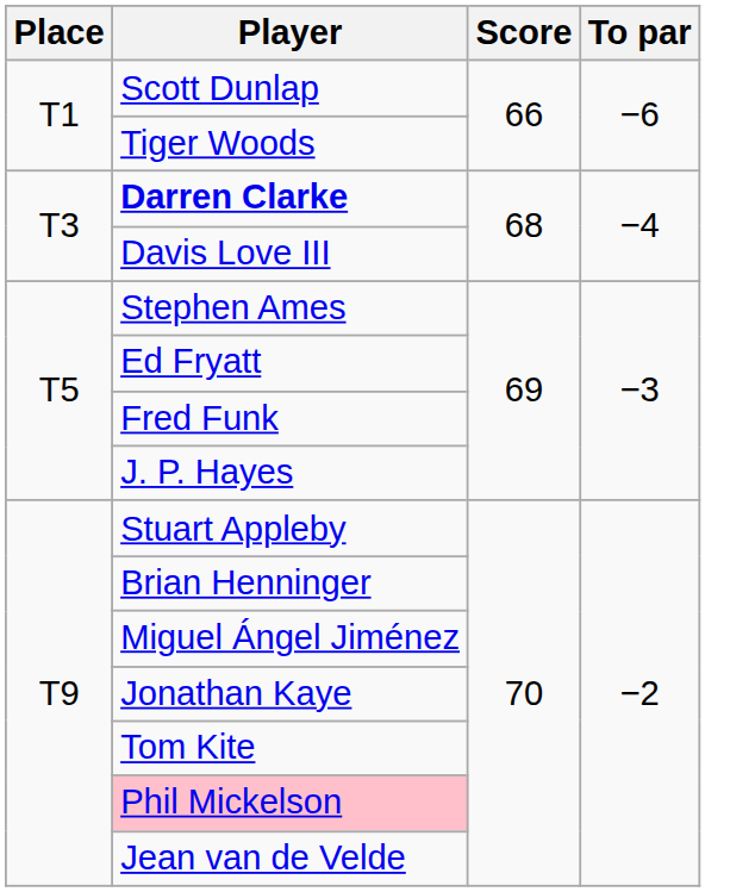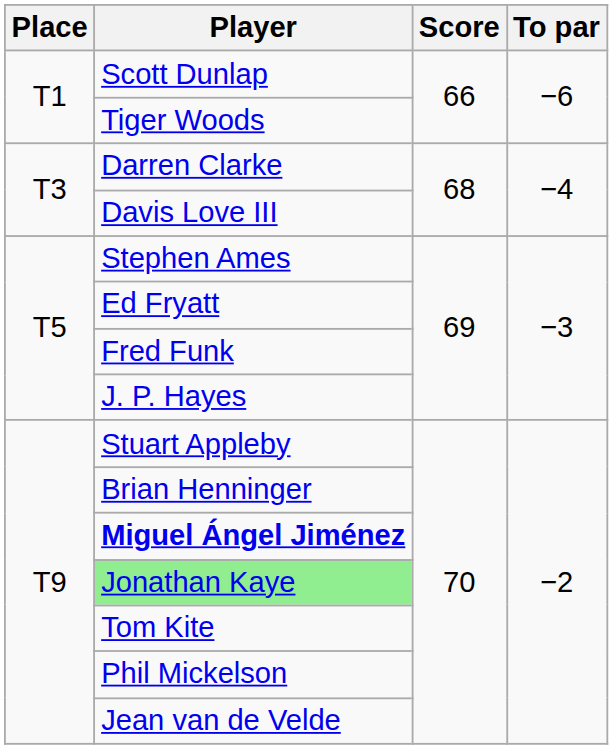 <table class="wikitable">
 <tr>
 <th>Place</th>
 <th>Player</th>
 <th>Score</th>
 <th>To par</th>
 </tr>
 <tr>
 <td rowspan="2" align=center>T1</td>
 <td> <a href='#'>Scott Dunlap</a></td>
 <td rowspan="2" align=center>66</td>
 <td rowspan="2" align=center>−6</td>
 </tr>
 <tr>
 <td> <a href='#'>Tiger Woods</a></td>
 </tr>
 <tr>
 <td rowspan="2" align=center>T3</td>
-<td><strong> <a href='#'>Darren Clarke</a></strong></td>
+<td> <a href='#'>Darren Clarke</a></td>
 <td rowspan="2" align=center>68</td>
 <td rowspan="2" align=center>−4</td>
 </tr>
 <tr>
 <td> <a href='#'>Davis Love III</a></td>
 </tr>
 <tr>
 <td rowspan="4" align=center>T5</td>
 <td> <a href='#'>Stephen Ames</a></td>
 <td rowspan="4" align=center>69</td>
 <td rowspan="4" align=center>−3</td>
 </tr>
 <tr>
 <td> <a href='#'>Ed Fryatt</a></td>
 </tr>
 <tr>
 <td> <a href='#'>Fred Funk</a></td>
 </tr>
 <tr>
 <td> <a href='#'>J. P. Hayes</a></td>
 </tr>
 <tr>
 <td rowspan="7" align=center>T9</td>
 <td> <a href='#'>Stuart Appleby</a></td>
 <td rowspan="7" align=center>70</td>
 <td rowspan="7" align=center>−2</td>
 </tr>
 <tr>
 <td> <a href='#'>Brian Henninger</a></td>
 </tr>
 <tr>
-<td> <a href='#'>Miguel Ángel Jiménez</a></td>
+<td><strong> <a href='#'>Miguel Ángel Jiménez</a></strong></td>
 </tr>
 <tr>
-<td> <a href='#'>Jonathan Kaye</a></td>
+<td style="background: lightgreen;"> <a href='#'>Jonathan Kaye</a></td>
 </tr>
 <tr>
 <td> <a href='#'>Tom Kite</a></td>
 </tr>
 <tr>
-<td style="background: pink;"> <a href='#'>Phil Mickelson</a></td>
+<td> <a href='#'>Phil Mickelson</a></td>
 </tr>
 <tr>
 <td> <a href='#'>Jean van de Velde</a></td>
 </tr>
 </table>
